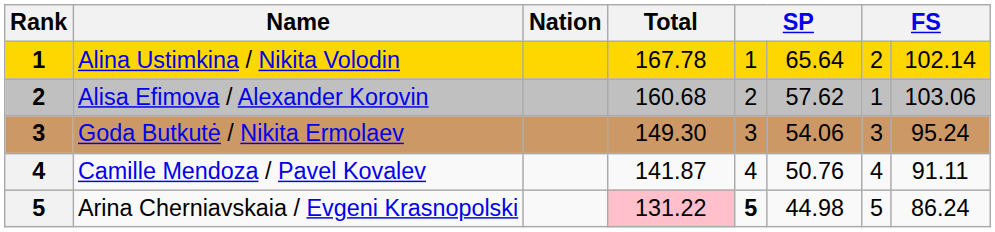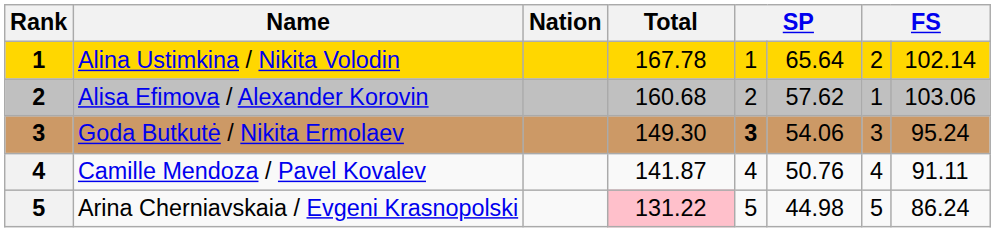 <table class="wikitable sortable">
 <tr>
 <th>Rank</th>
 <th>Name</th>
 <th>Nation</th>
 <th width="80px">Total</th>
 <th colspan="2" width="80px"><a href='#'>SP</a></th>
 <th colspan="2" width="80px"><a href='#'>FS</a></th>
 </tr>
 <tr bgcolor="gold">
 <td align="center"><strong>1</strong></td>
 <td><a href='#'>Alina Ustimkina</a> / <a href='#'>Nikita Volodin</a></td>
 <td></td>
 <td align="center">167.78</td>
 <td align="center">1</td>
 <td align="center">65.64</td>
 <td align="center">2</td>
 <td align="center">102.14</td>
 </tr>
 <tr bgcolor="silver">
 <td align="center"><strong>2</strong></td>
 <td><a href='#'>Alisa Efimova</a> / <a href='#'>Alexander Korovin</a></td>
 <td></td>
 <td align="center">160.68</td>
 <td align="center">2</td>
 <td align="center">57.62</td>
 <td align="center">1</td>
 <td align="center">103.06</td>
 </tr>
 <tr bgcolor="cc9966">
 <td align="center"><strong>3</strong></td>
 <td><a href='#'>Goda Butkutė</a> / <a href='#'>Nikita Ermolaev</a></td>
 <td></td>
 <td align="center">149.30</td>
-<td align="center">3</td>
+<td align="center"><strong>3</strong></td>
 <td align="center">54.06</td>
 <td align="center">3</td>
 <td align="center">95.24</td>
 </tr>
 <tr>
 <th>4</th>
 <td><a href='#'>Camille Mendoza</a> / <a href='#'>Pavel Kovalev</a></td>
 <td></td>
 <td align="center">141.87</td>
 <td align="center">4</td>
 <td align="center">50.76</td>
 <td align="center">4</td>
 <td align="center">91.11</td>
 </tr>
 <tr>
 <th>5</th>
 <td>Arina Cherniavskaia / <a href='#'>Evgeni Krasnopolski</a></td>
 <td></td>
 <td align="center" style="background: pink;">131.22</td>
-<td align="center"><strong>5</strong></td>
+<td align="center">5</td>
 <td align="center">44.98</td>
 <td align="center">5</td>
 <td align="center">86.24</td>
 </tr>
 </table>
